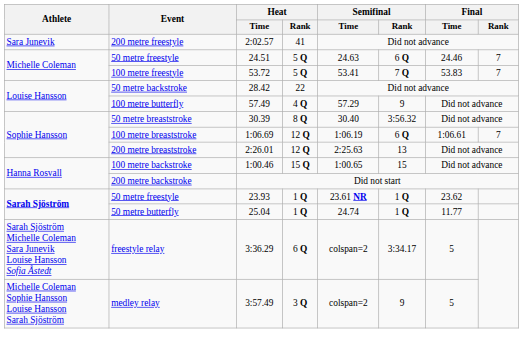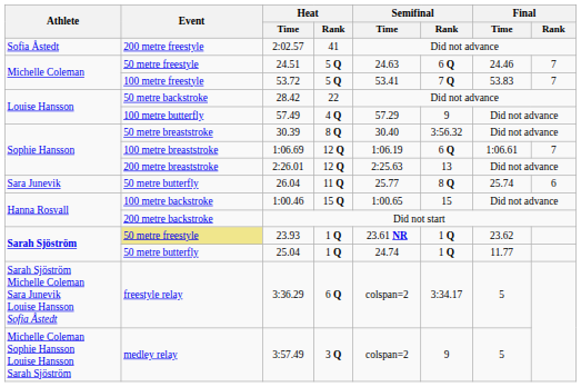 <table class="wikitable" style="text-align:center; font-size:90%; width:50%;">
 <tr>
 <th rowspan="2">Athlete</th>
 <th rowspan="2">Event</th>
 <th colspan="2">Heat</th>
 <th colspan="2">Semifinal</th>
 <th colspan="2">Final</th>
 </tr>
 <tr style="font-size:95%">
 <th>Time</th>
 <th>Rank</th>
 <th>Time</th>
 <th>Rank</th>
 <th>Time</th>
 <th>Rank</th>
 </tr>
 <tr>
-<td align=left><a href='#'>Sara Junevik</a></td>
+<td align=left><a href='#'>Sofia Åstedt</a></td>
 <td align=left><a href='#'>200 metre freestyle</a></td>
 <td>2:02.57</td>
 <td>41</td>
 <td colspan=4>Did not advance</td>
 </tr>
 <tr>
 <td align=left rowspan=2><a href='#'>Michelle Coleman</a></td>
 <td align=left><a href='#'>50 metre freestyle</a></td>
 <td>24.51</td>
 <td>5 <strong>Q</strong></td>
 <td>24.63</td>
 <td>6 <strong>Q</strong></td>
 <td>24.46</td>
 <td>7</td>
 </tr>
 <tr>
 <td align=left><a href='#'>100 metre freestyle</a></td>
 <td>53.72</td>
 <td>5 <strong>Q</strong></td>
 <td>53.41</td>
 <td>7 <strong>Q</strong></td>
 <td>53.83</td>
 <td>7</td>
 </tr>
 <tr>
 <td align=left rowspan=2><a href='#'>Louise Hansson</a></td>
 <td align=left><a href='#'>50 metre backstroke</a></td>
 <td>28.42</td>
 <td>22</td>
 <td colspan=4>Did not advance</td>
 </tr>
 <tr>
 <td align=left><a href='#'>100 metre butterfly</a></td>
 <td>57.49</td>
 <td>4 <strong>Q</strong></td>
 <td>57.29</td>
 <td>9</td>
 <td colspan="2">Did not advance</td>
 </tr>
 <tr>
 <td align=left rowspan=3><a href='#'>Sophie Hansson</a></td>
 <td align=left><a href='#'>50 metre breaststroke</a></td>
 <td>30.39</td>
 <td>8 <strong>Q</strong></td>
 <td>30.40</td>
 <td>3:56.32</td>
 <td colspan="2">Did not advance</td>
 </tr>
 <tr>
 <td align=left><a href='#'>100 metre breaststroke</a></td>
 <td>1:06.69</td>
 <td>12 <strong>Q</strong></td>
 <td>1:06.19</td>
 <td>6 <strong>Q</strong></td>
 <td>1:06.61</td>
 <td>7</td>
 </tr>
 <tr>
 <td align=left><a href='#'>200 metre breaststroke</a></td>
 <td>2:26.01</td>
 <td>12 <strong>Q</strong></td>
 <td>2:25.63</td>
 <td>13</td>
 <td colspan="2">Did not advance</td>
 </tr>
 <tr>
+<td align=left><a href='#'>Sara Junevik</a></td>
+<td align=left><a href='#'>50 metre butterfly</a></td>
+<td>26.04</td>
+<td>11 <strong>Q</strong></td>
+<td>25.77</td>
+<td>8 <strong>Q</strong></td>
+<td>25.74</td>
+<td>6</td>
+</tr>
+<tr>
 <td align=left rowspan=2><a href='#'>Hanna Rosvall</a></td>
 <td align=left><a href='#'>100 metre backstroke</a></td>
 <td>1:00.46</td>
 <td>15 <strong>Q</strong></td>
 <td>1:00.65</td>
 <td>15</td>
 <td colspan="2">Did not advance</td>
 </tr>
 <tr>
 <td align=left><a href='#'>200 metre backstroke</a></td>
 <td colspan=6>Did not start</td>
 </tr>
 <tr>
 <td align=left rowspan=2><strong><a href='#'>Sarah Sjöström</a></strong></td>
-<td align=left><a href='#'>50 metre freestyle</a></td>
+<td align=left style="background: khaki;"><a href='#'>50 metre freestyle</a></td>
 <td>23.93</td>
 <td>1 <strong>Q</strong></td>
 <td>23.61 <strong><a href='#'>NR</a></strong></td>
 <td>1 <strong>Q</strong></td>
 <td>23.62</td>
 <td></td>
 </tr>
 <tr>
 <td align=left><a href='#'>50 metre butterfly</a></td>
 <td>25.04</td>
 <td>1 <strong>Q</strong></td>
 <td>24.74</td>
 <td>1 <strong>Q</strong></td>
 <td>11.77</td>
 <td></td>
 </tr>
 <tr align=center>
 <td align=left><a href='#'>Sarah Sjöström</a><br> <a href='#'>Michelle Coleman</a><br> <a href='#'>Sara Junevik</a><br> <a href='#'>Louise Hansson</a><br><em><a href='#'>Sofia Åstedt</a></em></td>
 <td align=left><a href='#'> freestyle relay</a></td>
 <td>3:36.29</td>
 <td>6 <strong>Q</strong></td>
 <td>colspan=2 </td>
 <td>3:34.17</td>
 <td>5</td>
 </tr>
 <tr>
 <td align=left><a href='#'>Michelle Coleman</a> <br><a href='#'>Sophie Hansson</a><br><a href='#'>Louise Hansson</a> <br><a href='#'>Sarah Sjöström</a></td>
 <td align=left><a href='#'> medley relay</a></td>
 <td>3:57.49</td>
 <td>3 <strong>Q</strong></td>
 <td>colspan=2 </td>
 <td>9</td>
 <td>5</td>
 </tr>
 </table>
